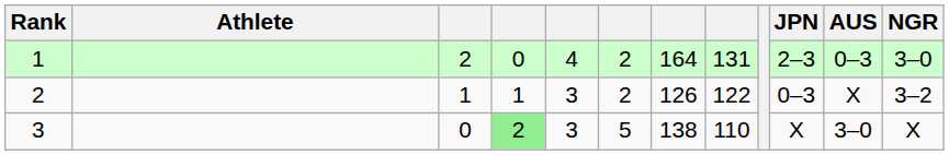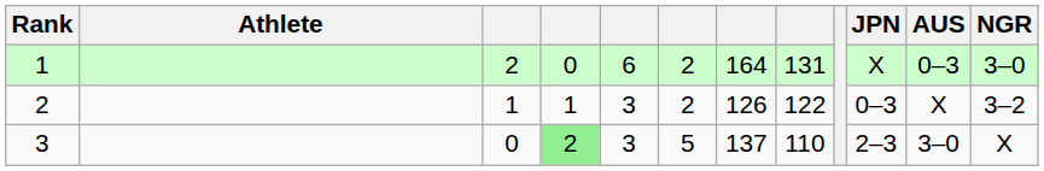 <table class="wikitable" style="text-align:center">
 <tr>
 <th>Rank</th>
 <th width=250>Athlete</th>
 <th width=30></th>
 <th width=30></th>
 <th width=30></th>
 <th width=30></th>
 <th width=30></th>
 <th width=30></th>
 <th rowspan=4></th>
 <th width=30>JPN</th>
 <th width=30>AUS</th>
 <th width=30>NGR</th>
 </tr>
 <tr style="background-color:#ccffcc;">
 <td>1</td>
 <td align=left></td>
 <td>2</td>
 <td>0</td>
-<td>4</td>
+<td>6</td>
 <td>2</td>
 <td>164</td>
 <td>131</td>
-<td>2–3</td>
+<td>X</td>
 <td>0–3</td>
 <td>3–0</td>
 </tr>
 <tr>
 <td>2</td>
 <td align=left></td>
 <td>1</td>
 <td>1</td>
 <td>3</td>
 <td>2</td>
 <td>126</td>
 <td>122</td>
 <td>0–3</td>
 <td>X</td>
 <td>3–2</td>
 </tr>
 <tr>
 <td>3</td>
 <td align=left></td>
 <td>0</td>
 <td style="background: lightgreen;">2</td>
 <td>3</td>
 <td>5</td>
-<td>138</td>
+<td>137</td>
 <td>110</td>
-<td>X</td>
+<td>2–3</td>
 <td>3–0</td>
 <td>X</td>
 </tr>
 </table>
